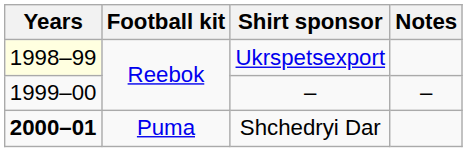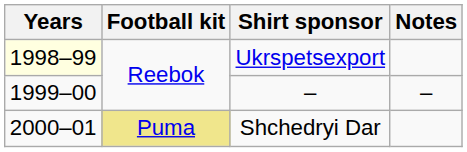 <table class="wikitable" style="text-align: center">
 <tr>
 <th>Years</th>
 <th>Football kit</th>
 <th>Shirt sponsor</th>
 <th>Notes</th>
 </tr>
 <tr>
 <td style="background: lightyellow;">1998–99</td>
 <td rowspan=2><a href='#'>Reebok</a></td>
 <td><a href='#'>Ukrspetsexport</a></td>
 <td></td>
 </tr>
 <tr>
 <td>1999–00</td>
 <td>–</td>
 <td>–</td>
 </tr>
 <tr>
-<td><strong>2000–01</strong></td>
-<td><a href='#'>Puma</a></td>
+<td>2000–01</td>
+<td style="background: khaki;"><a href='#'>Puma</a></td>
 <td>Shchedryi Dar</td>
 <td></td>
 </tr>
 </table>
